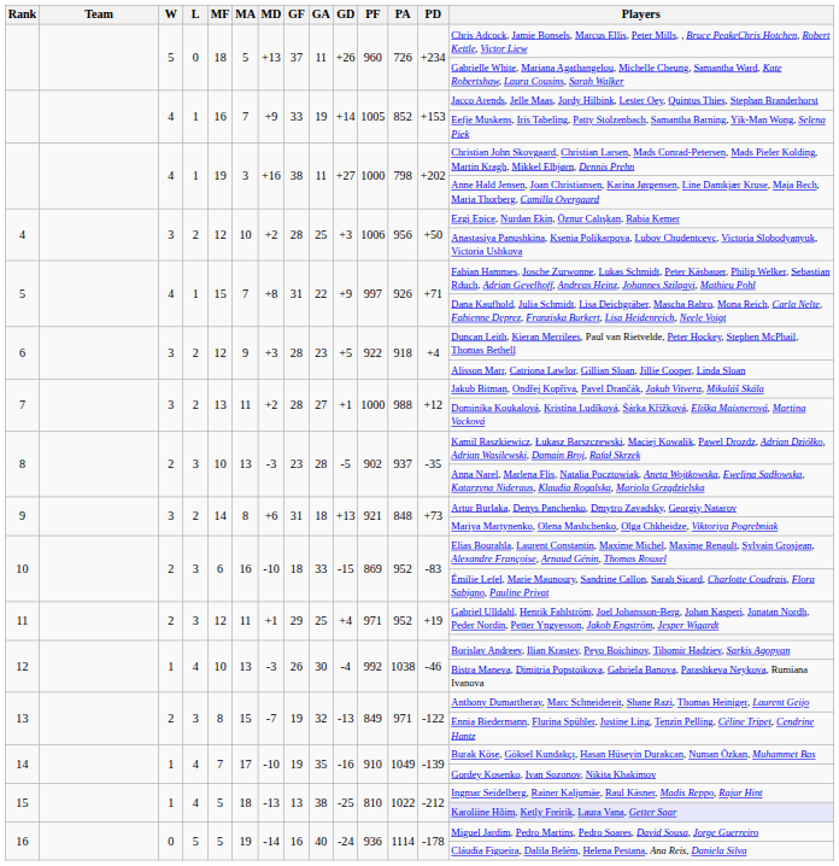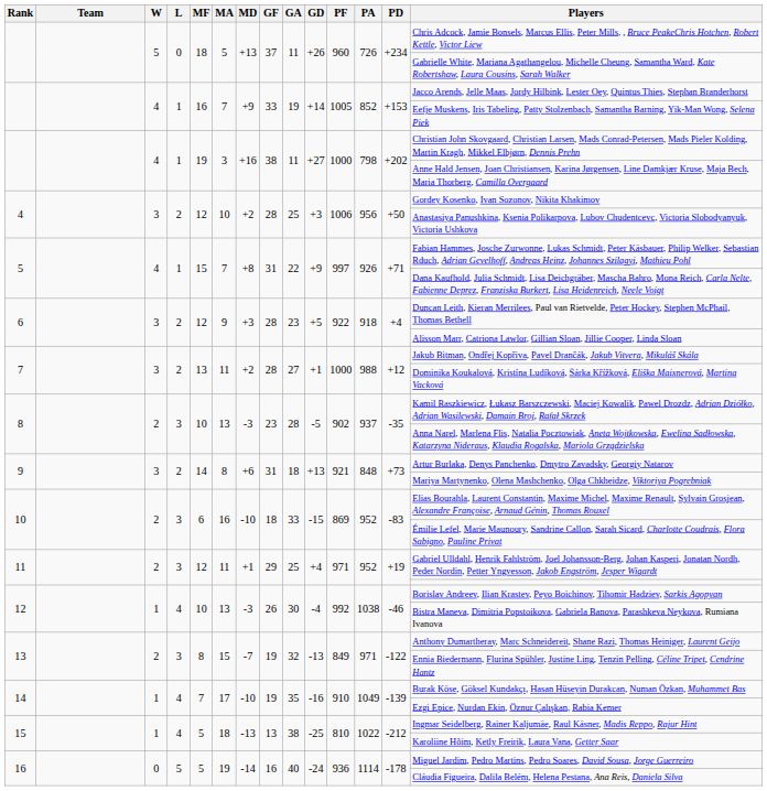 <table class="wikitable" style="text-align:center">
 <tr>
 <th width="25">Rank</th>
 <th width="150">Team</th>
 <th width="25">W</th>
 <th width="25">L</th>
 <th width="25">MF</th>
 <th width="25">MA</th>
 <th width="25">MD</th>
 <th width="25">GF</th>
 <th width="25">GA</th>
 <th width="25">GD</th>
 <th width="25">PF</th>
 <th width="25">PA</th>
 <th width="25">PD</th>
 <th width="500">Players</th>
 </tr>
 <tr>
 <td rowspan="2"></td>
 <td align="left" rowspan="2"></td>
 <td rowspan="2">5</td>
 <td rowspan="2">0</td>
 <td rowspan="2">18</td>
 <td rowspan="2">5</td>
 <td rowspan="2">+13</td>
 <td rowspan="2">37</td>
 <td rowspan="2">11</td>
 <td rowspan="2">+26</td>
 <td rowspan="2">960</td>
 <td rowspan="2">726</td>
 <td rowspan="2">+234</td>
 <td align="left"><small><a href='#'>Chris Adcock</a>, <a href='#'>Jamie Bonsels</a>, <a href='#'>Marcus Ellis</a>, <a href='#'>Peter Mills</a>, <em>, <a href='#'>Bruce Peake</a><a href='#'>Chris Hotchen</a>, <a href='#'>Robert Kettle</a>, <a href='#'>Victor Liew</a></em></small></td>
 </tr>
 <tr>
 <td align="left"><small><a href='#'>Gabrielle White</a>, <a href='#'>Mariana Agathangelou</a>, <a href='#'>Michelle Cheung</a>, <a href='#'>Samantha Ward</a>, <em><a href='#'>Kate Robertshaw</a>, <a href='#'>Laura Cousins</a>, <a href='#'>Sarah Walker</a></em></small></td>
 </tr>
 <tr>
 <td rowspan="2"></td>
 <td align="left" rowspan="2"></td>
 <td rowspan="2">4</td>
 <td rowspan="2">1</td>
 <td rowspan="2">16</td>
 <td rowspan="2">7</td>
 <td rowspan="2">+9</td>
 <td rowspan="2">33</td>
 <td rowspan="2">19</td>
 <td rowspan="2">+14</td>
 <td rowspan="2">1005</td>
 <td rowspan="2">852</td>
 <td rowspan="2">+153</td>
 <td align="left"><small><a href='#'>Jacco Arends</a>, <a href='#'>Jelle Maas</a>, <a href='#'>Jordy Hilbink</a>, <a href='#'>Lester Oey</a>, <a href='#'>Quintus Thies</a>, <a href='#'>Stephan Branderhorst</a></small></td>
 </tr>
 <tr>
 <td align="left"><small><a href='#'>Eefje Muskens</a>, <a href='#'>Iris Tabeling</a>, <a href='#'>Patty Stolzenbach</a>, <a href='#'>Samantha Barning</a>, <a href='#'>Yik-Man Wong</a>, <em><a href='#'>Selena Piek</a></em></small></td>
 </tr>
 <tr>
 <td rowspan="2"></td>
 <td align="left" rowspan="2"></td>
 <td rowspan="2">4</td>
 <td rowspan="2">1</td>
 <td rowspan="2">19</td>
 <td rowspan="2">3</td>
 <td rowspan="2">+16</td>
 <td rowspan="2">38</td>
 <td rowspan="2">11</td>
 <td rowspan="2">+27</td>
 <td rowspan="2">1000</td>
 <td rowspan="2">798</td>
 <td rowspan="2">+202</td>
 <td align="left"><small><a href='#'>Christian John Skovgaard</a>, <a href='#'>Christian Larsen</a>, <a href='#'>Mads Conrad-Petersen</a>, <a href='#'>Mads Pieler Kolding</a>, <a href='#'>Martin Kragh</a>, <a href='#'>Mikkel Elbjørn</a>, <em><a href='#'>Dennis Prehn</a></em></small></td>
 </tr>
 <tr>
 <td align="left"><small><a href='#'>Anne Hald Jensen</a>, <a href='#'>Joan Christiansen</a>, <a href='#'>Karina Jørgensen</a>, <a href='#'>Line Damkjær Kruse</a>, <a href='#'>Maja Bech</a>, <a href='#'>Maria Thorberg</a>, <em><a href='#'>Camilla Overgaard</a></em></small></td>
 </tr>
 <tr>
 <td rowspan="2">4</td>
 <td align="left" rowspan="2"></td>
 <td rowspan="2">3</td>
 <td rowspan="2">2</td>
 <td rowspan="2">12</td>
 <td rowspan="2">10</td>
 <td rowspan="2">+2</td>
 <td rowspan="2">28</td>
 <td rowspan="2">25</td>
 <td rowspan="2">+3</td>
 <td rowspan="2">1006</td>
 <td rowspan="2">956</td>
 <td rowspan="2">+50</td>
-<td align="left"><small><a href='#'>Ezgi Epice</a>, <a href='#'>Nurdan Ekin</a>, <a href='#'>Öznur Çalışkan</a>, <a href='#'>Rabia Kemer</a></small></td>
+<td align="left"><small><a href='#'>Gordey Kosenko</a>, <a href='#'>Ivan Sozonov</a>, <a href='#'>Nikita Khakimov</a></small></td>
 </tr>
 <tr>
 <td align="left"><small><a href='#'>Anastasiya Panushkina</a>, <a href='#'>Ksenia Polikarpova</a>, <a href='#'>Lubov Chudentcevc</a>, <a href='#'>Victoria Slobodyanyuk</a>, <a href='#'>Victoria Ushkova</a></small></td>
 </tr>
 <tr>
 <td rowspan="2">5</td>
 <td align="left" rowspan="2"></td>
 <td rowspan="2">4</td>
 <td rowspan="2">1</td>
 <td rowspan="2">15</td>
 <td rowspan="2">7</td>
 <td rowspan="2">+8</td>
 <td rowspan="2">31</td>
 <td rowspan="2">22</td>
 <td rowspan="2">+9</td>
 <td rowspan="2">997</td>
 <td rowspan="2">926</td>
 <td rowspan="2">+71</td>
 <td align="left"><small><a href='#'>Fabian Hammes</a>, <a href='#'>Josche Zurwonne</a>, <a href='#'>Lukas Schmidt</a>, <a href='#'>Peter Käsbauer</a>, <a href='#'>Philip Welker</a>, <a href='#'>Sebastian Rduch</a>, <em><a href='#'>Adrian Gevelhoff</a>, <a href='#'>Andreas Heinz</a>, <a href='#'>Johannes Szilagyi</a>, <a href='#'>Mathieu Pohl</a></em></small></td>
 </tr>
 <tr>
 <td align="left"><small><a href='#'>Dana Kaufhold</a>, <a href='#'>Julia Schmidt</a>, <a href='#'>Lisa Deichgräber</a>, <a href='#'>Mascha Bahro</a>, <a href='#'>Mona Reich</a>, <em><a href='#'>Carla Nelte</a>, <a href='#'>Fabienne Deprez</a>, <a href='#'>Franziska Burkert</a>, <a href='#'>Lisa Heidenreich</a>, <a href='#'>Neele Voigt</a></em></small></td>
 </tr>
 <tr>
 <td rowspan="2">6</td>
 <td align="left" rowspan="2"></td>
 <td rowspan="2">3</td>
 <td rowspan="2">2</td>
 <td rowspan="2">12</td>
 <td rowspan="2">9</td>
 <td rowspan="2">+3</td>
 <td rowspan="2">28</td>
 <td rowspan="2">23</td>
 <td rowspan="2">+5</td>
 <td rowspan="2">922</td>
 <td rowspan="2">918</td>
 <td rowspan="2">+4</td>
 <td align="left"><small><a href='#'>Duncan Leith</a>, <a href='#'>Kieran Merrilees</a>, Paul van Rietvelde, <a href='#'>Peter Hockey</a>, <a href='#'>Stephen McPhail</a>, <a href='#'>Thomas Bethell</a></small></td>
 </tr>
 <tr>
 <td align="left"><small><a href='#'>Alisson Marr</a>, <a href='#'>Catriona Lawlor</a>, <a href='#'>Gillian Sloan</a>, <a href='#'>Jillie Cooper</a>, <a href='#'>Linda Sloan</a></small></td>
 </tr>
 <tr>
 <td rowspan="2">7</td>
 <td align="left" rowspan="2"></td>
 <td rowspan="2">3</td>
 <td rowspan="2">2</td>
 <td rowspan="2">13</td>
 <td rowspan="2">11</td>
 <td rowspan="2">+2</td>
 <td rowspan="2">28</td>
 <td rowspan="2">27</td>
 <td rowspan="2">+1</td>
 <td rowspan="2">1000</td>
 <td rowspan="2">988</td>
 <td rowspan="2">+12</td>
 <td align="left"><small><a href='#'>Jakub Bitman</a>, <a href='#'>Ondřej Kopřiva</a>, <a href='#'>Pavel Drančák</a>, <em><a href='#'>Jakub Vitvera</a>, <a href='#'>Mikuláš Skála</a></em></small></td>
 </tr>
 <tr>
 <td align="left"><small><a href='#'>Dominika Koukalová</a>, <a href='#'>Kristína Ludíková</a>, <a href='#'>Šárka Křížková</a>, <em><a href='#'>Eliška Maixnerová</a>, <a href='#'>Martina Vacková</a></em></small></td>
 </tr>
 <tr>
 <td rowspan="2">8</td>
 <td align="left" rowspan="2"></td>
 <td rowspan="2">2</td>
 <td rowspan="2">3</td>
 <td rowspan="2">10</td>
 <td rowspan="2">13</td>
 <td rowspan="2">-3</td>
 <td rowspan="2">23</td>
 <td rowspan="2">28</td>
 <td rowspan="2">-5</td>
 <td rowspan="2">902</td>
 <td rowspan="2">937</td>
 <td rowspan="2">-35</td>
 <td align="left"><small><a href='#'>Kamil Raszkiewicz</a>, <a href='#'>Łukasz Barszczewski</a>, <a href='#'>Maciej Kowalik</a>, <a href='#'>Pawel Drozdz</a>, <em><a href='#'>Adrian Dziółko</a>, <a href='#'>Adrian Wasilewski</a>, <a href='#'>Damain Broj</a>, <a href='#'>Rafał Skrzek</a></em></small></td>
 </tr>
 <tr>
 <td align="left"><small><a href='#'>Anna Narel</a>, <a href='#'>Marlena Flis</a>, <a href='#'>Natalia Pocztowiak</a>, <em><a href='#'>Aneta Wojtkowska</a>, <a href='#'>Ewelina Sadłowska</a>, <a href='#'>Katarzyna Nideraus</a>, <a href='#'>Klaudia Rogalska</a>, <a href='#'>Mariola Grządzielska</a></em></small></td>
 </tr>
 <tr>
 <td rowspan="2">9</td>
 <td align="left" rowspan="2"></td>
 <td rowspan="2">3</td>
 <td rowspan="2">2</td>
 <td rowspan="2">14</td>
 <td rowspan="2">8</td>
 <td rowspan="2">+6</td>
 <td rowspan="2">31</td>
 <td rowspan="2">18</td>
 <td rowspan="2">+13</td>
 <td rowspan="2">921</td>
 <td rowspan="2">848</td>
 <td rowspan="2">+73</td>
 <td align="left"><small><a href='#'>Artur Burlaka</a>, <a href='#'>Denys Panchenko</a>, <a href='#'>Dmytro Zavadsky</a>, <a href='#'>Georgiy Natarov</a></small></td>
 </tr>
 <tr>
 <td align="left"><small><a href='#'>Mariya Martynenko</a>, <a href='#'>Olena Mashchenko</a>, <a href='#'>Olga Chkheidze</a>, <em><a href='#'>Viktoriya Pogrebniak</a></em></small></td>
 </tr>
 <tr>
 <td rowspan="2">10</td>
 <td align="left" rowspan="2"></td>
 <td rowspan="2">2</td>
 <td rowspan="2">3</td>
 <td rowspan="2">6</td>
 <td rowspan="2">16</td>
 <td rowspan="2">-10</td>
 <td rowspan="2">18</td>
 <td rowspan="2">33</td>
 <td rowspan="2">-15</td>
 <td rowspan="2">869</td>
 <td rowspan="2">952</td>
 <td rowspan="2">-83</td>
 <td align="left"><small><a href='#'>Elias Bourahla</a>, <a href='#'>Laurent Constantin</a>, <a href='#'>Maxime Michel</a>, <a href='#'>Maxime Renault</a>, <a href='#'>Sylvain Grosjean</a>, <em><a href='#'>Alexandre Françoise</a>, <a href='#'>Arnaud Génin</a>, <a href='#'>Thomas Rouxel</a></em></small></td>
 </tr>
 <tr>
 <td align="left"><small><a href='#'>Émilie Lefel</a>, <a href='#'>Marie Maunoury</a>, <a href='#'>Sandrine Callon</a>, <a href='#'>Sarah Sicard</a>, <em><a href='#'>Charlotte Coudrais</a>, <a href='#'>Flora Sabigno</a>, <a href='#'>Pauline Privat</a></em></small></td>
 </tr>
 <tr>
 <td rowspan="2">11</td>
 <td align="left" rowspan="2"></td>
 <td rowspan="2">2</td>
 <td rowspan="2">3</td>
 <td rowspan="2">12</td>
 <td rowspan="2">11</td>
 <td rowspan="2">+1</td>
 <td rowspan="2">29</td>
 <td rowspan="2">25</td>
 <td rowspan="2">+4</td>
 <td rowspan="2">971</td>
 <td rowspan="2">952</td>
 <td rowspan="2">+19</td>
 <td align="left"><small><a href='#'>Gabriel Ulldahl</a>, <a href='#'>Henrik Fahlström</a>, <a href='#'>Joel Johansson-Berg</a>, <a href='#'>Johan Kasperi</a>, <a href='#'>Jonatan Nordh</a>, <a href='#'>Peder Nordin</a>, <a href='#'>Petter Yngvesson</a>, <em><a href='#'>Jakob Engström</a>, <a href='#'>Jesper Wigardt</a></em></small></td>
 </tr>
 <tr>
 <td align="left"><small></small></td>
 </tr>
 <tr>
 <td rowspan="2">12</td>
 <td align="left" rowspan="2"></td>
 <td rowspan="2">1</td>
 <td rowspan="2">4</td>
 <td rowspan="2">10</td>
 <td rowspan="2">13</td>
 <td rowspan="2">-3</td>
 <td rowspan="2">26</td>
 <td rowspan="2">30</td>
 <td rowspan="2">-4</td>
 <td rowspan="2">992</td>
 <td rowspan="2">1038</td>
 <td rowspan="2">-46</td>
 <td align="left"><small><a href='#'>Borislav Andreev</a>, <a href='#'>Ilian Krastev</a>, <a href='#'>Peyo Boichinov</a>, <a href='#'>Tihomir Hadziev</a>, <em><a href='#'>Sarkis Agopyan</a></em></small></td>
 </tr>
 <tr>
 <td align="left"><small><a href='#'>Bistra Maneva</a>, <a href='#'>Dimitria Popstoikova</a>, <a href='#'>Gabriela Banova</a>, <a href='#'>Parashkeva Neykova</a>, Rumiana Ivanova</small></td>
 </tr>
 <tr>
 <td rowspan="2">13</td>
 <td align="left" rowspan="2"></td>
 <td rowspan="2">2</td>
 <td rowspan="2">3</td>
 <td rowspan="2">8</td>
 <td rowspan="2">15</td>
 <td rowspan="2">-7</td>
 <td rowspan="2">19</td>
 <td rowspan="2">32</td>
 <td rowspan="2">-13</td>
 <td rowspan="2">849</td>
 <td rowspan="2">971</td>
 <td rowspan="2">-122</td>
 <td align="left"><small><a href='#'>Anthony Dumartheray</a>, <a href='#'>Marc Schneidereit</a>, <a href='#'>Shane Razi</a>, <a href='#'>Thomas Heiniger</a>, <em><a href='#'>Laurent Geijo</a></em></small></td>
 </tr>
 <tr>
 <td align="left"><small><a href='#'>Ennia Biedermann</a>, <a href='#'>Flurina Spühler</a>, <a href='#'>Justine Ling</a>, <a href='#'>Tenzin Pelling</a>, <em><a href='#'>Céline Tripet</a>, <a href='#'>Cendrine Hantz</a></em></small></td>
 </tr>
 <tr>
 <td rowspan="2">14</td>
 <td align="left" rowspan="2"></td>
 <td rowspan="2">1</td>
 <td rowspan="2">4</td>
 <td rowspan="2">7</td>
 <td rowspan="2">17</td>
 <td rowspan="2">-10</td>
 <td rowspan="2">19</td>
 <td rowspan="2">35</td>
 <td rowspan="2">-16</td>
 <td rowspan="2">910</td>
 <td rowspan="2">1049</td>
 <td rowspan="2">-139</td>
 <td align="left"><small><a href='#'>Burak Köse</a>, <a href='#'>Göksel Kundakçı</a>, <a href='#'>Hasan Hüseyin Durakcan</a>, <a href='#'>Numan Özkan</a>, <em><a href='#'>Muhammet Bas</a></em></small></td>
 </tr>
 <tr>
-<td align="left"><small><a href='#'>Gordey Kosenko</a>, <a href='#'>Ivan Sozonov</a>, <a href='#'>Nikita Khakimov</a></small></td>
+<td align="left"><small><a href='#'>Ezgi Epice</a>, <a href='#'>Nurdan Ekin</a>, <a href='#'>Öznur Çalışkan</a>, <a href='#'>Rabia Kemer</a></small></td>
 </tr>
 <tr>
 <td rowspan="2">15</td>
 <td align="left" rowspan="2"></td>
 <td rowspan="2">1</td>
 <td rowspan="2">4</td>
 <td rowspan="2">5</td>
 <td rowspan="2">18</td>
 <td rowspan="2">-13</td>
 <td rowspan="2">13</td>
 <td rowspan="2">38</td>
 <td rowspan="2">-25</td>
 <td rowspan="2">810</td>
 <td rowspan="2">1022</td>
 <td rowspan="2">-212</td>
 <td align="left"><small><a href='#'>Ingmar Seidelberg</a>, <a href='#'>Rainer Kaljumäe</a>, <a href='#'>Raul Käsner</a>, <em><a href='#'>Madis Reppo</a>, <a href='#'>Rajur Hint</a></em></small></td>
 </tr>
 <tr>
-<td align="left" style="background: lavender;"><small><a href='#'>Karoliine Hõim</a>, <a href='#'>Ketly Freirik</a>, <a href='#'>Laura Vana</a>, <em><a href='#'>Getter Saar</a></em></small></td>
+<td align="left"><small><a href='#'>Karoliine Hõim</a>, <a href='#'>Ketly Freirik</a>, <a href='#'>Laura Vana</a>, <em><a href='#'>Getter Saar</a></em></small></td>
 </tr>
 <tr>
 <td rowspan="2">16</td>
 <td align="left" rowspan="2"></td>
 <td rowspan="2">0</td>
 <td rowspan="2">5</td>
 <td rowspan="2">5</td>
 <td rowspan="2">19</td>
 <td rowspan="2">-14</td>
 <td rowspan="2">16</td>
 <td rowspan="2">40</td>
 <td rowspan="2">-24</td>
 <td rowspan="2">936</td>
 <td rowspan="2">1114</td>
 <td rowspan="2">-178</td>
 <td align="left"><small><a href='#'>Miguel Jardim</a>, <a href='#'>Pedro Martins</a>, <a href='#'>Pedro Soares</a>, <em><a href='#'>David Sousa</a>, <a href='#'>Jorge Guerreiro</a></em></small></td>
 </tr>
 <tr>
 <td align="left"><small><a href='#'>Cláudia Figueira</a>, <a href='#'>Dalila Belém</a>, <a href='#'>Helena Pestana</a>, <em>Ana Reis, <a href='#'>Daniela Silva</a></em></small></td>
 </tr>
 </table>
